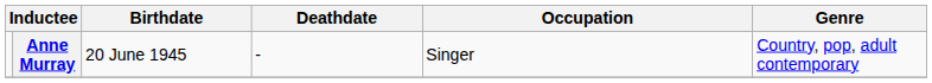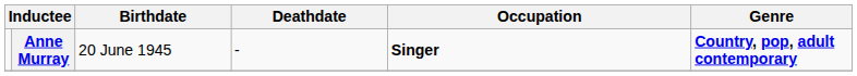 <table class="wikitable" width="100%">
 <tr>
 <th colspan=2>Inductee</th>
 <th width="20%">Birthdate</th>
 <th width="20%">Deathdate</th>
 <th width="40%">Occupation</th>
 <th width="40%">Genre</th>
 </tr>
 <tr>
 <td></td>
 <th><a href='#'>Anne Murray</a></th>
 <td>20 June 1945</td>
 <td>-</td>
-<td>Singer</td>
-<td><a href='#'>Country</a>, <a href='#'>pop</a>, <a href='#'>adult contemporary</a></td>
+<td><strong>Singer</strong></td>
+<td><strong><a href='#'>Country</a>, <a href='#'>pop</a>, <a href='#'>adult contemporary</a></strong></td>
 </tr>
 <tr>
 </tr>
 </table>
